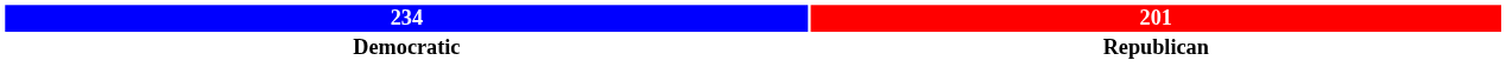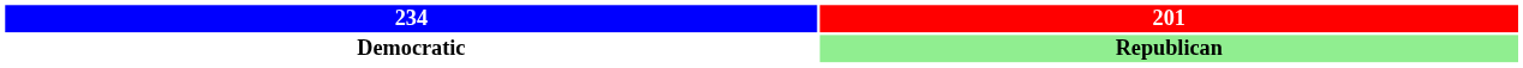 <table style="width:70%; text-align:center;">
 <tr style="color:white;">
 <td style="background:blue; width:53.79%;"><strong>234</strong></td>
 <td style="background:red; width:46.21%;"><strong>201</strong></td>
 </tr>
 <tr>
 <td><span><strong>Democratic</strong></span></td>
-<td><span><strong>Republican</strong></span></td>
+<td style="background: lightgreen;"><span><strong>Republican</strong></span></td>
 </tr>
 </table>
